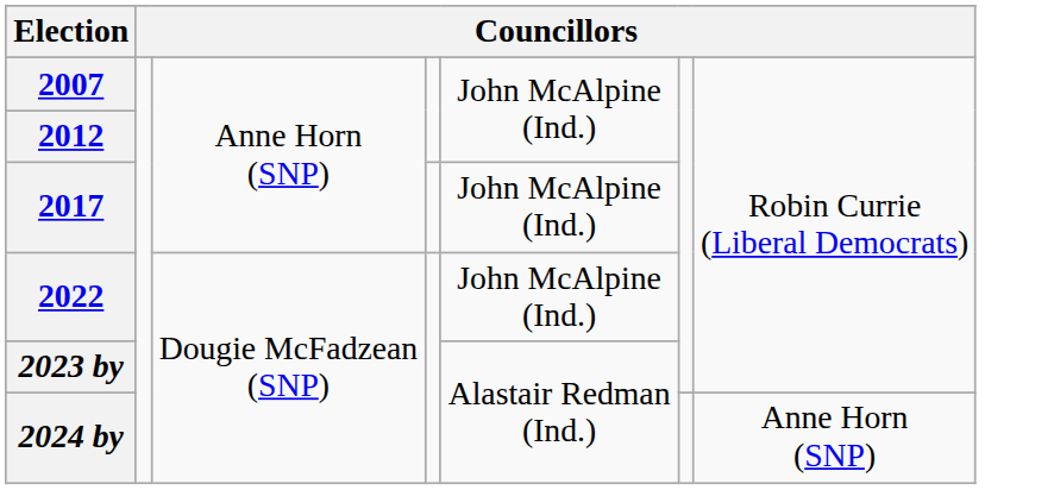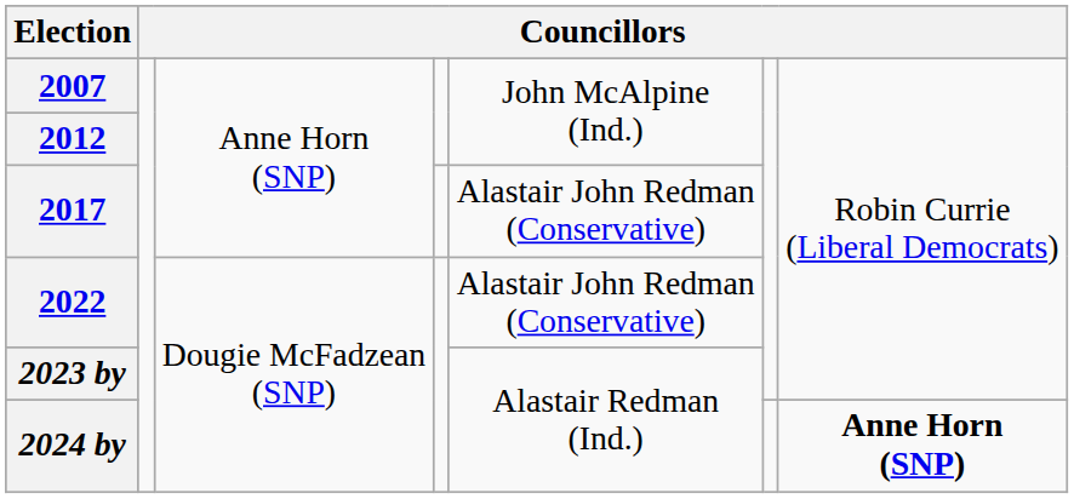 <table class="wikitable" style="text-align:center">
 <tr>
 <th>Election</th>
 <th colspan=8>Councillors</th>
 </tr>
 <tr>
 <th><a href='#'>2007</a></th>
 <td rowspan=6; style="background-color: "></td>
 <td rowspan=3>Anne Horn<br>(<a href='#'>SNP</a>)</td>
 <td rowspan=2; style="background-color: "></td>
 <td rowspan=2>John McAlpine<br>(Ind.)</td>
 <td rowspan=5; style="background-color: "></td>
 <td rowspan=5>Robin Currie<br>(<a href='#'>Liberal Democrats</a>)</td>
 </tr>
 <tr>
 <th><a href='#'>2012</a></th>
 </tr>
 <tr>
 <th><a href='#'>2017</a></th>
 <td rowspan=1; style="background-color: "></td>
-<td rowspan=1>John McAlpine<br>(Ind.)</td>
+<td rowspan=1>Alastair John Redman<br>(<a href='#'>Conservative</a>)</td>
 </tr>
 <tr>
 <th><a href='#'>2022</a></th>
 <td rowspan=3>Dougie McFadzean<br>(<a href='#'>SNP</a>)</td>
 <td rowspan=3; style="background-color: "></td>
-<td rowspan=1>John McAlpine<br>(Ind.)</td>
+<td rowspan=1>Alastair John Redman<br>(<a href='#'>Conservative</a>)</td>
 </tr>
 <tr>
 <th><em>2023 by</em></th>
 <td rowspan=2>Alastair Redman<br>(Ind.)</td>
 </tr>
 <tr>
 <th><em>2024 by</em></th>
 <td rowspan=1; style="background-color: "></td>
-<td rowspan=1>Anne Horn<br>(<a href='#'>SNP</a>)</td>
+<td rowspan=1><strong>Anne Horn<br>(<a href='#'>SNP</a>)</strong></td>
 </tr>
 </table>
